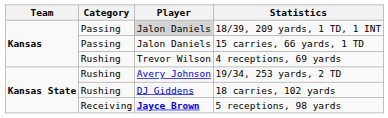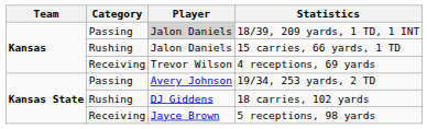 <table class="wikitable" style="float: right;">
 <tr>
 <th>Team</th>
 <th>Category</th>
 <th>Player</th>
 <th>Statistics</th>
 </tr>
 <tr>
 <td rowspan=3><strong>Kansas</strong></td>
 <td>Passing</td>
 <td style="background: lightgrey;">Jalon Daniels</td>
 <td>18/39, 209 yards, 1 TD, 1 INT</td>
 </tr>
 <tr>
-<td>Passing</td>
+<td>Rushing</td>
 <td>Jalon Daniels</td>
 <td>15 carries, 66 yards, 1 TD</td>
 </tr>
 <tr>
-<td>Rushing</td>
+<td>Receiving</td>
 <td>Trevor Wilson</td>
 <td>4 receptions, 69 yards</td>
 </tr>
 <tr>
 <td rowspan=3><strong>Kansas State</strong></td>
-<td>Rushing</td>
+<td>Passing</td>
 <td><a href='#'>Avery Johnson</a></td>
 <td>19/34, 253 yards, 2 TD</td>
 </tr>
 <tr>
 <td>Rushing</td>
 <td><a href='#'>DJ Giddens</a></td>
 <td>18 carries, 102 yards</td>
 </tr>
 <tr>
 <td>Receiving</td>
-<td><strong><a href='#'>Jayce Brown</a></strong></td>
+<td><a href='#'>Jayce Brown</a></td>
 <td>5 receptions, 98 yards</td>
 </tr>
 </table>
